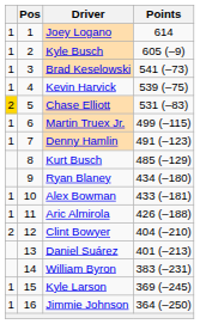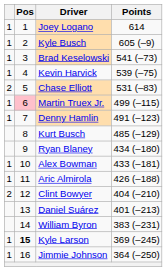 <table class="wikitable" style="font-size: 95%">
 <tr>
 <th></th>
 <th>Pos</th>
 <th>Driver</th>
 <th>Points</th>
 </tr>
 <tr>
 <td align="left"> 1</td>
 <td style="text-align:center;">1</td>
 <td style="background:#FFDEAD;"><a href='#'>Joey Logano</a></td>
 <td style="text-align:center;">614</td>
 </tr>
 <tr>
 <td align="left"> 1</td>
 <td style="text-align:center;">2</td>
 <td style="background:#FFDEAD;"><a href='#'>Kyle Busch</a></td>
 <td style="text-align:center;">605 (–9)</td>
 </tr>
 <tr>
 <td align="left"> 1</td>
 <td style="text-align:center;">3</td>
 <td style="background:#FFDEAD;"><a href='#'>Brad Keselowski</a></td>
 <td style="text-align:center;">541 (–73)</td>
 </tr>
 <tr>
 <td align="left"> 1</td>
 <td style="text-align:center;">4</td>
 <td><a href='#'>Kevin Harvick</a></td>
 <td style="text-align:center;">539 (–75)</td>
 </tr>
 <tr>
-<td align="left" style="background: gold;"> 2</td>
+<td align="left"> 2</td>
 <td style="text-align:center;">5</td>
 <td style="background:#FFDEAD;"><a href='#'>Chase Elliott</a></td>
 <td style="text-align:center;">531 (–83)</td>
 </tr>
 <tr>
 <td align="left"> 1</td>
-<td style="text-align:center;">6</td>
+<td style="background: pink; text-align:center;">6</td>
 <td style="background:#FFDEAD;"><a href='#'>Martin Truex Jr.</a></td>
 <td style="text-align:center;">499 (–115)</td>
 </tr>
 <tr>
 <td align="left"> 1</td>
 <td style="text-align:center;">7</td>
 <td style="background:#FFDEAD;"><a href='#'>Denny Hamlin</a></td>
 <td style="text-align:center;">491 (–123)</td>
 </tr>
 <tr>
 <td align="left"></td>
 <td style="text-align:center;">8</td>
 <td><a href='#'>Kurt Busch</a></td>
 <td style="text-align:center;">485 (–129)</td>
 </tr>
 <tr>
 <td align="left"></td>
 <td style="text-align:center;">9</td>
 <td><a href='#'>Ryan Blaney</a></td>
 <td style="text-align:center;">434 (–180)</td>
 </tr>
 <tr>
 <td align="left"> 1</td>
 <td style="text-align:center;">10</td>
 <td><a href='#'>Alex Bowman</a></td>
 <td style="text-align:center;">433 (–181)</td>
 </tr>
 <tr>
 <td align="left"> 1</td>
 <td style="text-align:center;">11</td>
 <td><a href='#'>Aric Almirola</a></td>
 <td style="text-align:center;">426 (–188)</td>
 </tr>
 <tr>
 <td align="left"> 2</td>
 <td style="text-align:center;">12</td>
 <td><a href='#'>Clint Bowyer</a></td>
 <td style="text-align:center;">404 (–210)</td>
 </tr>
 <tr>
 <td align="left"></td>
 <td style="text-align:center;">13</td>
 <td><a href='#'>Daniel Suárez</a></td>
 <td style="text-align:center;">401 (–213)</td>
 </tr>
 <tr>
 <td align="left"></td>
 <td style="text-align:center;">14</td>
 <td><a href='#'>William Byron</a></td>
 <td style="text-align:center;">383 (–231)</td>
 </tr>
 <tr>
 <td align="left"> 1</td>
-<td style="text-align:center;">15</td>
+<td style="text-align:center;"><strong>15</strong></td>
 <td><a href='#'>Kyle Larson</a></td>
 <td style="text-align:center;">369 (–245)</td>
 </tr>
 <tr>
 <td align="left"> 1</td>
 <td style="text-align:center;">16</td>
 <td><a href='#'>Jimmie Johnson</a></td>
 <td style="text-align:center;">364 (–250)</td>
 </tr>
 <tr class="sortbottom">
 <th colspan="9"></th>
 </tr>
 </table>
